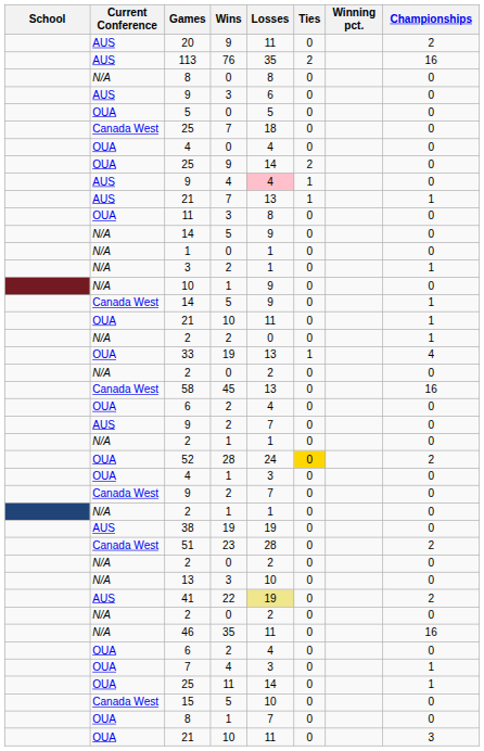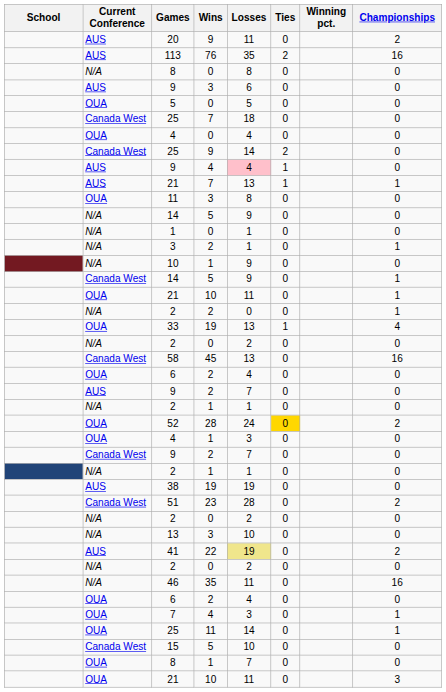 <table class="wikitable sortable" style="text-align:center" width=55%>
 <tr>
 <th width=15%>School</th>
 <th width=10%>Current<br>Conference</th>
 <th width=5%>Games</th>
 <th width=5%>Wins</th>
 <th width=5%>Losses</th>
 <th width=5%>Ties</th>
 <th width=10%>Winning pct.</th>
 <th width=10%><a href='#'>Championships</a></th>
 </tr>
 <tr>
 <td align=left><strong><a href='#'></a></strong></td>
 <td align=left><a href='#'>AUS</a></td>
 <td>20</td>
 <td>9</td>
 <td>11</td>
 <td>0</td>
 <td></td>
 <td>2</td>
 </tr>
 <tr>
 <td align=left><strong><a href='#'></a></strong></td>
 <td align=left><a href='#'>AUS</a></td>
 <td>113</td>
 <td>76</td>
 <td>35</td>
 <td>2</td>
 <td></td>
 <td>16</td>
 </tr>
 <tr>
 <td align=left><strong><em><a href='#'></a></em></strong></td>
 <td align=left><em>N/A</em></td>
 <td>8</td>
 <td>0</td>
 <td>8</td>
 <td>0</td>
 <td></td>
 <td>0</td>
 </tr>
 <tr>
 <td align=left><strong><a href='#'></a></strong></td>
 <td align=left><a href='#'>AUS</a></td>
 <td>9</td>
 <td>3</td>
 <td>6</td>
 <td>0</td>
 <td></td>
 <td>0</td>
 </tr>
 <tr>
 <td align=left><strong><a href='#'></a></strong></td>
 <td align=left><a href='#'>OUA</a></td>
 <td>5</td>
 <td>0</td>
 <td>5</td>
 <td>0</td>
 <td></td>
 <td>0</td>
 </tr>
 <tr>
 <td align=left><strong><a href='#'></a></strong></td>
 <td align=left><a href='#'>Canada West</a></td>
 <td>25</td>
 <td>7</td>
 <td>18</td>
 <td>0</td>
 <td></td>
 <td>0</td>
 </tr>
 <tr>
 <td align=left><strong><a href='#'></a></strong></td>
 <td align=left><a href='#'>OUA</a></td>
 <td>4</td>
 <td>0</td>
 <td>4</td>
 <td>0</td>
 <td></td>
 <td>0</td>
 </tr>
 <tr>
 <td align=left><strong><a href='#'></a></strong></td>
-<td align=left><a href='#'>OUA</a></td>
+<td align=left><a href='#'>Canada West</a></td>
 <td>25</td>
 <td>9</td>
 <td>14</td>
 <td>2</td>
 <td></td>
 <td>0</td>
 </tr>
 <tr>
 <td align=left><strong><a href='#'></a></strong></td>
 <td align=left><a href='#'>AUS</a></td>
 <td>9</td>
 <td>4</td>
 <td style="background: pink;">4</td>
 <td>1</td>
 <td></td>
 <td>0</td>
 </tr>
 <tr>
 <td align=left><strong><a href='#'></a></strong></td>
 <td align=left><a href='#'>AUS</a></td>
 <td>21</td>
 <td>7</td>
 <td>13</td>
 <td>1</td>
 <td></td>
 <td>1</td>
 </tr>
 <tr>
 <td align=left><strong><a href='#'></a></strong></td>
 <td align=left><a href='#'>OUA</a></td>
 <td>11</td>
 <td>3</td>
 <td>8</td>
 <td>0</td>
 <td></td>
 <td>0</td>
 </tr>
 <tr>
 <td align=left><strong><em><a href='#'></a></em></strong></td>
 <td align=left><em>N/A</em></td>
 <td>14</td>
 <td>5</td>
 <td>9</td>
 <td>0</td>
 <td></td>
 <td>0</td>
 </tr>
 <tr>
 <td align=left><strong><em><a href='#'></a></em></strong></td>
 <td align=left><em>N/A</em></td>
 <td>1</td>
 <td>0</td>
 <td>1</td>
 <td>0</td>
 <td></td>
 <td>0</td>
 </tr>
 <tr>
 <td align=left><strong><em><a href='#'></a></em></strong></td>
 <td align=left><em>N/A</em></td>
 <td>3</td>
 <td>2</td>
 <td>1</td>
 <td>0</td>
 <td></td>
 <td>1</td>
 </tr>
 <tr>
 <td align=left style="color:white; background:#731921; "><strong><em><a href='#'></a></em></strong></td>
 <td align=left><em>N/A</em></td>
 <td>10</td>
 <td>1</td>
 <td>9</td>
 <td>0</td>
 <td></td>
 <td>0</td>
 </tr>
 <tr>
 <td align=left><strong><a href='#'></a></strong></td>
 <td align=left><a href='#'>Canada West</a></td>
 <td>14</td>
 <td>5</td>
 <td>9</td>
 <td>0</td>
 <td></td>
 <td>1</td>
 </tr>
 <tr>
 <td align=left><strong><a href='#'></a></strong></td>
 <td align=left><a href='#'>OUA</a></td>
 <td>21</td>
 <td>10</td>
 <td>11</td>
 <td>0</td>
 <td></td>
 <td>1</td>
 </tr>
 <tr>
 <td align=left><strong><em><a href='#'></a></em></strong></td>
 <td align=left><em>N/A</em></td>
 <td>2</td>
 <td>2</td>
 <td>0</td>
 <td>0</td>
 <td></td>
 <td>1</td>
 </tr>
 <tr>
 <td align=left><strong><a href='#'></a></strong></td>
 <td align=left><a href='#'>OUA</a></td>
 <td>33</td>
 <td>19</td>
 <td>13</td>
 <td>1</td>
 <td></td>
 <td>4</td>
 </tr>
 <tr>
 <td align=left><strong><em><a href='#'></a></em></strong></td>
 <td align=left><em>N/A</em></td>
 <td>2</td>
 <td>0</td>
 <td>2</td>
 <td>0</td>
 <td></td>
 <td>0</td>
 </tr>
 <tr>
 <td align=left><strong><a href='#'></a></strong></td>
 <td align=left><a href='#'>Canada West</a></td>
 <td>58</td>
 <td>45</td>
 <td>13</td>
 <td>0</td>
 <td></td>
 <td>16</td>
 </tr>
 <tr>
 <td align=left><strong><a href='#'></a></strong></td>
 <td align=left><a href='#'>OUA</a></td>
 <td>6</td>
 <td>2</td>
 <td>4</td>
 <td>0</td>
 <td></td>
 <td>0</td>
 </tr>
 <tr>
 <td align=left><strong><a href='#'></a></strong></td>
 <td align=left><a href='#'>AUS</a></td>
 <td>9</td>
 <td>2</td>
 <td>7</td>
 <td>0</td>
 <td></td>
 <td>0</td>
 </tr>
 <tr>
 <td align=left><strong><em><a href='#'></a></em></strong></td>
 <td align=left><em>N/A</em></td>
 <td>2</td>
 <td>1</td>
 <td>1</td>
 <td>0</td>
 <td></td>
 <td>0</td>
 </tr>
 <tr>
 <td align=left><strong><a href='#'></a></strong></td>
 <td align=left><a href='#'>OUA</a></td>
 <td>52</td>
 <td>28</td>
 <td>24</td>
 <td style="background: gold;">0</td>
 <td></td>
 <td>2</td>
 </tr>
 <tr>
 <td align=left><strong><a href='#'></a></strong></td>
 <td align=left><a href='#'>OUA</a></td>
 <td>4</td>
 <td>1</td>
 <td>3</td>
 <td>0</td>
 <td></td>
 <td>0</td>
 </tr>
 <tr>
 <td align=left><strong><a href='#'></a></strong></td>
 <td align=left><a href='#'>Canada West</a></td>
 <td>9</td>
 <td>2</td>
 <td>7</td>
 <td>0</td>
 <td></td>
 <td>0</td>
 </tr>
 <tr>
 <td align=left style="color:white; background:#214478; "><strong><em><a href='#'></a></em></strong></td>
 <td align=left><em>N/A</em></td>
 <td>2</td>
 <td>1</td>
 <td>1</td>
 <td>0</td>
 <td></td>
 <td>0</td>
 </tr>
 <tr>
 <td align=left><strong><a href='#'></a></strong></td>
 <td align=left><a href='#'>AUS</a></td>
 <td>38</td>
 <td>19</td>
 <td>19</td>
 <td>0</td>
 <td></td>
 <td>0</td>
 </tr>
 <tr>
 <td align=left><strong><a href='#'></a></strong></td>
 <td align=left><a href='#'>Canada West</a></td>
 <td>51</td>
 <td>23</td>
 <td>28</td>
 <td>0</td>
 <td></td>
 <td>2</td>
 </tr>
 <tr>
 <td align=left><strong><em><a href='#'></a></em></strong></td>
 <td align=left><em>N/A</em></td>
 <td>2</td>
 <td>0</td>
 <td>2</td>
 <td>0</td>
 <td></td>
 <td>0</td>
 </tr>
 <tr>
 <td align=left><strong><em><a href='#'></a></em></strong></td>
 <td align=left><em>N/A</em></td>
 <td>13</td>
 <td>3</td>
 <td>10</td>
 <td>0</td>
 <td></td>
 <td>0</td>
 </tr>
 <tr>
 <td align=left><strong><a href='#'></a></strong></td>
 <td align=left><a href='#'>AUS</a></td>
 <td>41</td>
 <td>22</td>
 <td style="background: khaki;">19</td>
 <td>0</td>
 <td></td>
 <td>2</td>
 </tr>
 <tr>
 <td align=left><strong><em><a href='#'></a></em></strong></td>
 <td align=left><em>N/A</em></td>
 <td>2</td>
 <td>0</td>
 <td>2</td>
 <td>0</td>
 <td></td>
 <td>0</td>
 </tr>
 <tr>
 <td align=left><strong><a href='#'></a></strong></td>
 <td align=left><em>N/A</em></td>
 <td>46</td>
 <td>35</td>
 <td>11</td>
 <td>0</td>
 <td></td>
 <td>16</td>
 </tr>
 <tr>
 <td align=left><strong><a href='#'></a></strong></td>
 <td align=left><a href='#'>OUA</a></td>
 <td>6</td>
 <td>2</td>
 <td>4</td>
 <td>0</td>
 <td></td>
 <td>0</td>
 </tr>
 <tr>
 <td align=left><strong><a href='#'></a></strong></td>
 <td align=left><a href='#'>OUA</a></td>
 <td>7</td>
 <td>4</td>
 <td>3</td>
 <td>0</td>
 <td></td>
 <td>1</td>
 </tr>
 <tr>
 <td align=left><strong><a href='#'></a></strong></td>
 <td align=left><a href='#'>OUA</a></td>
 <td>25</td>
 <td>11</td>
 <td>14</td>
 <td>0</td>
 <td></td>
 <td>1</td>
 </tr>
 <tr>
 <td align=left><strong><a href='#'></a></strong></td>
 <td align=left><a href='#'>Canada West</a></td>
 <td>15</td>
 <td>5</td>
 <td>10</td>
 <td>0</td>
 <td></td>
 <td>0</td>
 </tr>
 <tr>
 <td align=left><strong><a href='#'></a></strong></td>
 <td align=left><a href='#'>OUA</a></td>
 <td>8</td>
 <td>1</td>
 <td>7</td>
 <td>0</td>
 <td></td>
 <td>0</td>
 </tr>
 <tr>
 <td align=left><strong><a href='#'></a></strong></td>
 <td align=left><a href='#'>OUA</a></td>
 <td>21</td>
 <td>10</td>
 <td>11</td>
 <td>0</td>
 <td></td>
 <td>3</td>
 </tr>
 </table>
